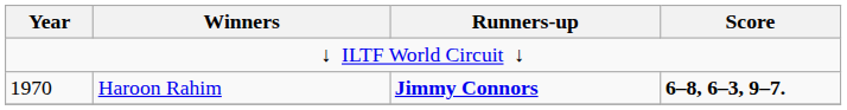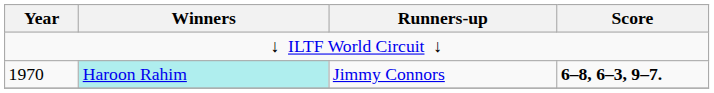 <table class="wikitable sortable">
 <tr>
 <th style="width:60px;">Year</th>
 <th style="width:220px;">Winners</th>
 <th style="width:200px;">Runners-up</th>
 <th style="width:130px;">Score</th>
 </tr>
 <tr>
 <td colspan=4 align=center>↓  <a href='#'>ILTF World Circuit</a>  ↓</td>
 </tr>
 <tr>
 <td>1970</td>
-<td>  <a href='#'>Haroon Rahim</a></td>
-<td><strong> <a href='#'>Jimmy Connors</a></strong></td>
+<td style="background: paleturquoise;">  <a href='#'>Haroon Rahim</a></td>
+<td> <a href='#'>Jimmy Connors</a></td>
 <td><strong>6–8, 6–3, 9–7.</strong></td>
 </tr>
 <tr>
 </tr>
 </table>
